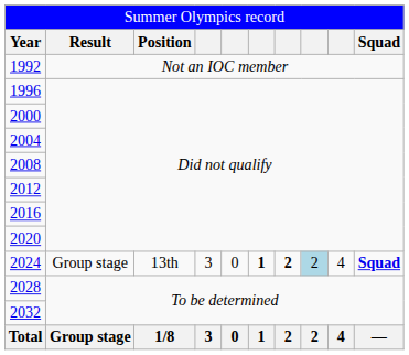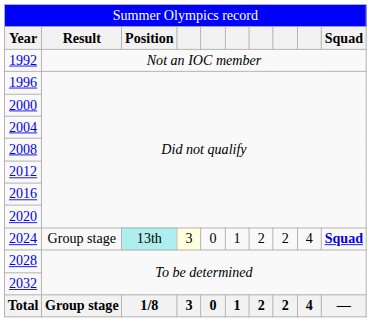 <table class="wikitable" style="text-align: center">
 <tr>
 <td colspan="10"style=background:blue;color:white>Summer Olympics record</td>
 </tr>
 <tr>
 <th>Year</th>
 <th>Result</th>
 <th>Position</th>
 <th width=20></th>
 <th width=20></th>
 <th width=20></th>
 <th width=20></th>
 <th width=20></th>
 <th width=20></th>
 <th>Squad</th>
 </tr>
 <tr>
 <td> <a href='#'>1992</a></td>
 <td colspan=9><em>Not an IOC member</em></td>
 </tr>
 <tr>
 <td> <a href='#'>1996</a></td>
 <td colspan=9 rowspan=7><em>Did not qualify</em></td>
 </tr>
 <tr>
 <td> <a href='#'>2000</a></td>
 </tr>
 <tr>
 <td> <a href='#'>2004</a></td>
 </tr>
 <tr>
 <td> <a href='#'>2008</a></td>
 </tr>
 <tr>
 <td> <a href='#'>2012</a></td>
 </tr>
 <tr>
 <td> <a href='#'>2016</a></td>
 </tr>
 <tr>
 <td> <a href='#'>2020</a></td>
 </tr>
 <tr>
 <td> <a href='#'>2024</a></td>
 <td>Group stage</td>
-<td>13th</td>
-<td>3</td>
+<td style="background: paleturquoise;">13th</td>
+<td style="background: lightyellow;">3</td>
 <td>0</td>
-<td><strong>1</strong></td>
-<td><strong>2</strong></td>
-<td style="background: lightblue;">2</td>
+<td>1</td>
+<td>2</td>
+<td>2</td>
 <td>4</td>
 <td><strong><a href='#'>Squad</a></strong></td>
 </tr>
 <tr>
 <td> <a href='#'>2028</a></td>
 <td colspan=9 rowspan=2><em>To be determined</em></td>
 </tr>
 <tr>
 <td> <a href='#'>2032</a></td>
 </tr>
 <tr>
 <th>Total</th>
 <th>Group stage</th>
 <th>1/8</th>
 <th>3</th>
 <th>0</th>
 <th>1</th>
 <th>2</th>
 <th>2</th>
 <th>4</th>
 <th>—</th>
 </tr>
 </table>
